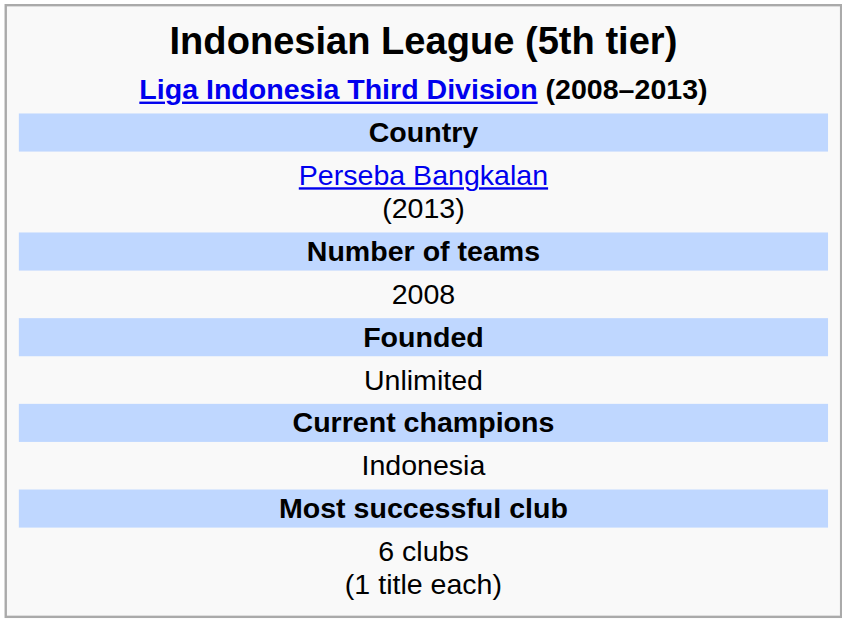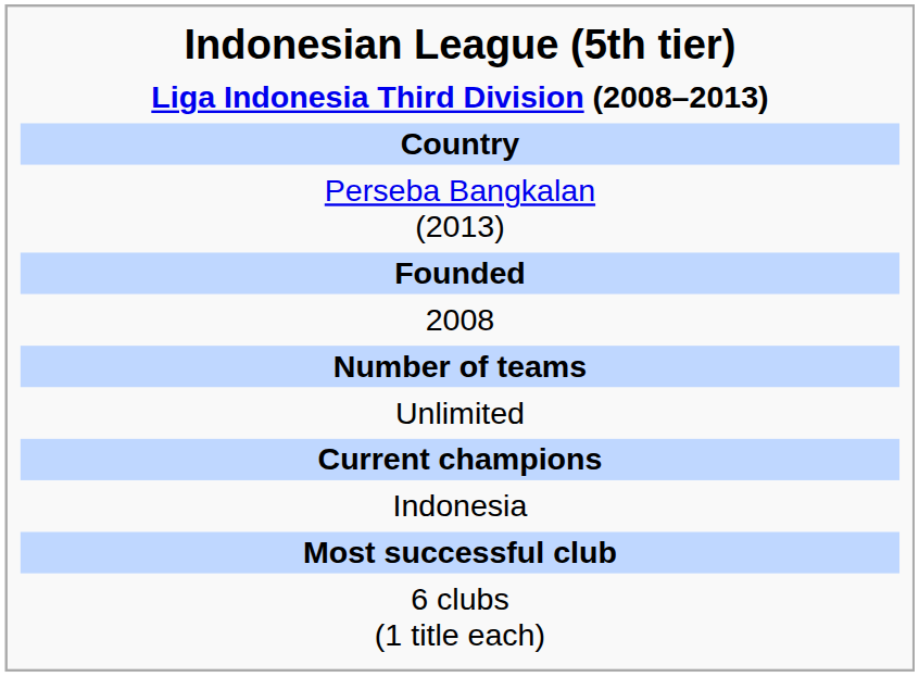 <table class="infobox football" style="width: 22em; text-align: center;">
 <tr>
 <th style="font-size: 16px;">Indonesian League (5th tier)</th>
 </tr>
 <tr>
 <th style="font-size: 12px;"><a href='#'>Liga Indonesia Third Division</a> (2008–2013)</th>
 </tr>
 <tr>
 <td style="font-size: 12px; background: #BFD7FF;"><strong>Country</strong></td>
 </tr>
 <tr>
 <td style="font-size: 12px;"><a href='#'>Perseba Bangkalan</a><br>(2013)</td>
 </tr>
 <tr>
-<td style="font-size: 12px; background: #BFD7FF;"><strong>Number of teams</strong></td>
+<td style="font-size: 12px; background: #BFD7FF;"><strong>Founded</strong></td>
 </tr>
 <tr>
 <td style="font-size: 12px;">2008</td>
 </tr>
 <tr>
-<td style="font-size: 12px; background: #BFD7FF;"><strong>Founded</strong></td>
+<td style="font-size: 12px; background: #BFD7FF;"><strong>Number of teams</strong></td>
 </tr>
 <tr>
 <td style="font-size: 12px;">Unlimited</td>
 </tr>
 <tr>
 <td style="font-size: 12px; background: #BFD7FF;"><strong>Current champions</strong></td>
 </tr>
 <tr>
 <td style="font-size: 12px;">Indonesia<br></td>
 </tr>
 <tr>
 <td style="font-size: 12px; background: #BFD7FF;"><strong>Most successful club</strong></td>
 </tr>
 <tr>
 <td style="font-size: 12px;">6 clubs<br>(1 title each)</td>
 </tr>
 </table>
